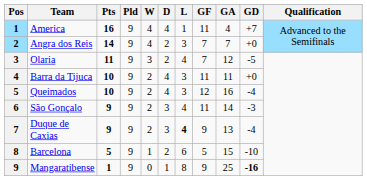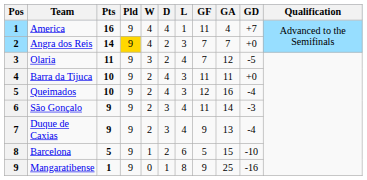 <table class="wikitable" style="text-align:center;">
 <tr bgcolor="#CCDDEE">
 <th width="30">Pos</th>
 <th width="100">Team</th>
 <th width="30">Pts</th>
 <th width="25">Pld</th>
 <th width="20">W</th>
 <th width="20">D</th>
 <th width="20">L</th>
 <th width="30">GF</th>
 <th width="30">GA</th>
 <th width="30">GD</th>
 <th width="150">Qualification</th>
 </tr>
 <tr>
 <td bgcolor="#97DEFF"><strong>1</strong></td>
 <td align="left"><a href='#'>America</a></td>
 <td><strong>16</strong></td>
 <td>9</td>
 <td>4</td>
 <td>4</td>
 <td>1</td>
 <td>11</td>
 <td>4</td>
 <td>+7</td>
 <td rowspan="2" bgcolor="#97DEFF">Advanced to the Semifinals</td>
 </tr>
 <tr>
 <td bgcolor="#97DEFF"><strong>2</strong></td>
 <td align="left"><a href='#'>Angra dos Reis</a></td>
 <td><strong>14</strong></td>
-<td>9</td>
+<td style="background: gold;">9</td>
 <td>4</td>
 <td>2</td>
 <td>3</td>
 <td>7</td>
 <td>7</td>
 <td>+0</td>
 </tr>
 <tr>
 <th>3</th>
 <td align="left"><a href='#'>Olaria</a></td>
 <td><strong>11</strong></td>
 <td>9</td>
 <td>3</td>
 <td>2</td>
 <td>4</td>
 <td>7</td>
 <td>12</td>
 <td>-5</td>
 <td rowspan="7"></td>
 </tr>
 <tr>
 <th>4</th>
 <td align="left"><a href='#'>Barra da Tijuca</a></td>
 <td><strong>10</strong></td>
 <td>9</td>
 <td>2</td>
 <td>4</td>
 <td>3</td>
 <td>11</td>
 <td>11</td>
 <td>+0</td>
 </tr>
 <tr>
 <th>5</th>
 <td align="left"><a href='#'>Queimados</a></td>
 <td><strong>10</strong></td>
 <td>9</td>
 <td>2</td>
 <td>4</td>
 <td>3</td>
 <td>12</td>
 <td>16</td>
 <td>-4</td>
 </tr>
 <tr>
 <th>6</th>
 <td align="left"><a href='#'>São Gonçalo</a></td>
 <td><strong>9</strong></td>
 <td>9</td>
 <td>2</td>
 <td>3</td>
 <td>4</td>
 <td>11</td>
 <td>14</td>
 <td>-3</td>
 </tr>
 <tr>
 <th>7</th>
 <td align="left"><a href='#'>Duque de Caxias</a></td>
 <td><strong>9</strong></td>
 <td>9</td>
 <td>2</td>
 <td>3</td>
-<td><strong>4</strong></td>
+<td>4</td>
 <td>9</td>
 <td>13</td>
 <td>-4</td>
 </tr>
 <tr>
 <th>8</th>
 <td align="left"><a href='#'>Barcelona</a></td>
 <td><strong>5</strong></td>
 <td>9</td>
 <td>1</td>
 <td>2</td>
 <td>6</td>
 <td>5</td>
 <td>15</td>
 <td>-10</td>
 </tr>
 <tr>
 <th>9</th>
 <td align="left"><a href='#'>Mangaratibense</a></td>
 <td><strong>1</strong></td>
 <td>9</td>
 <td>0</td>
 <td>1</td>
 <td>8</td>
 <td>9</td>
 <td>25</td>
-<td><strong>-16</strong></td>
+<td>-16</td>
 </tr>
 </table>
